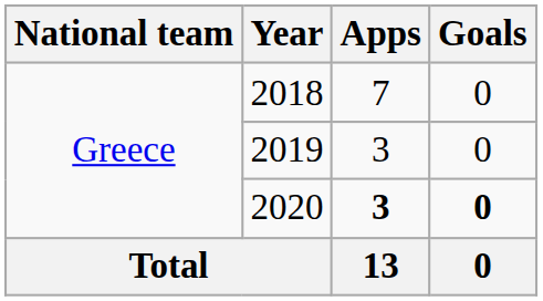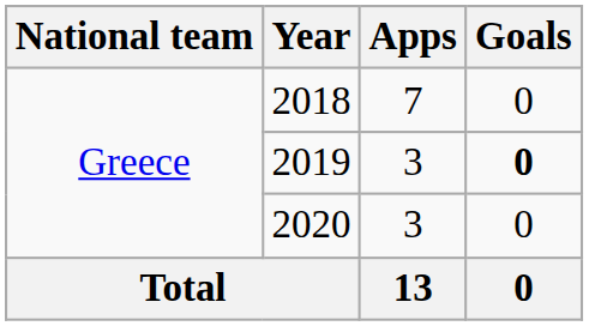 <table class="wikitable" style="text-align:center">
 <tr>
 <th>National team</th>
 <th>Year</th>
 <th>Apps</th>
 <th>Goals</th>
 </tr>
 <tr>
 <td rowspan="3"><a href='#'>Greece</a></td>
 <td>2018</td>
 <td>7</td>
 <td>0</td>
 </tr>
 <tr>
 <td>2019</td>
 <td>3</td>
-<td>0</td>
+<td><strong>0</strong></td>
 </tr>
 <tr>
 <td>2020</td>
-<td><strong>3</strong></td>
-<td><strong>0</strong></td>
+<td>3</td>
+<td>0</td>
 </tr>
 <tr>
 <th colspan="2">Total</th>
 <th>13</th>
 <th>0</th>
 </tr>
 </table>
